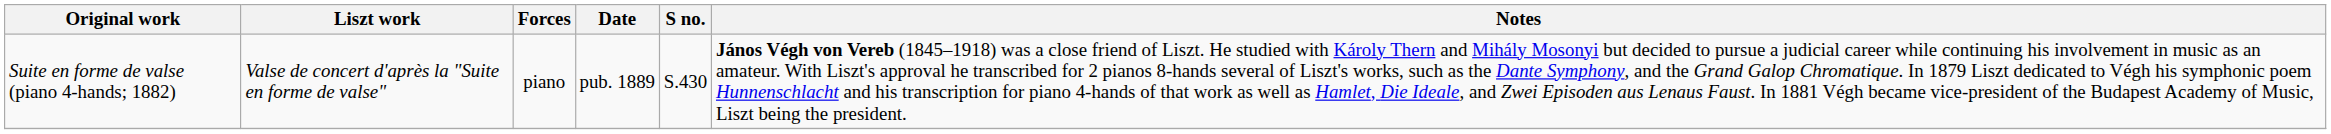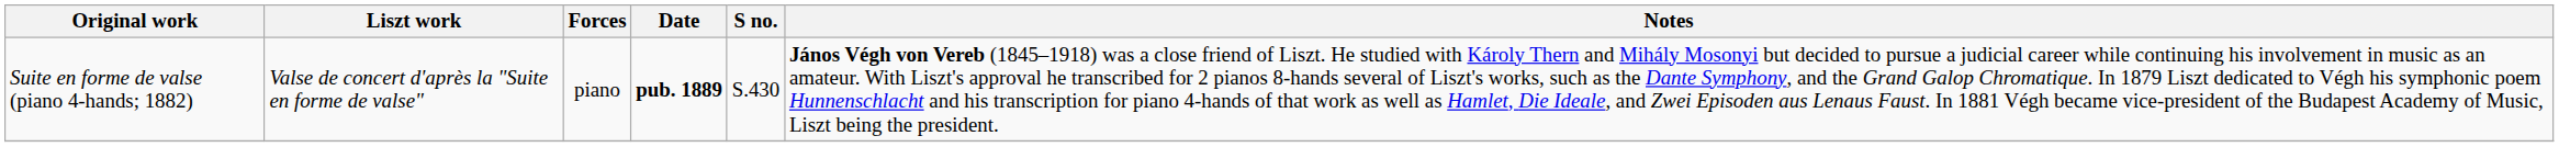 <table class="wikitable">
 <tr>
 <th>Original work</th>
 <th>Liszt work</th>
 <th>Forces</th>
 <th>Date</th>
 <th>S no.</th>
 <th>Notes</th>
 </tr>
 <tr>
 <td><em>Suite en forme de valse</em> (piano 4-hands; 1882)</td>
 <td><em>Valse de concert d'après la "Suite en forme de valse"</em></td>
 <td style="text-align: center">piano</td>
-<td>pub. 1889</td>
+<td><strong>pub. 1889</strong></td>
 <td>S.430</td>
 <td><strong>János Végh von Vereb</strong> (1845–1918) was a close friend of Liszt.  He studied with <a href='#'>Károly Thern</a> and <a href='#'>Mihály Mosonyi</a> but decided to pursue a judicial career while continuing his involvement in music as an amateur.  With Liszt's approval he transcribed for 2 pianos 8‑hands several of Liszt's works, such as the <em><a href='#'>Dante Symphony</a></em>, and the <em>Grand Galop Chromatique</em>. In 1879 Liszt dedicated to Végh his symphonic poem <em><a href='#'>Hunnenschlacht</a></em> and his transcription for piano 4-hands of that work as well as <a href='#'><em>Hamlet</em>, <em>Die Ideale</em></a>, and <em>Zwei Episoden aus Lenaus Faust</em>.  In 1881 Végh became vice-president of the Budapest Academy of Music, Liszt being the president.</td>
 </tr>
 <tr>
 </tr>
 </table>
